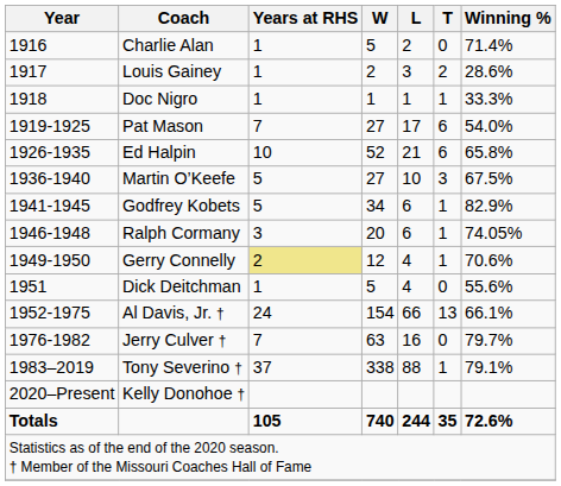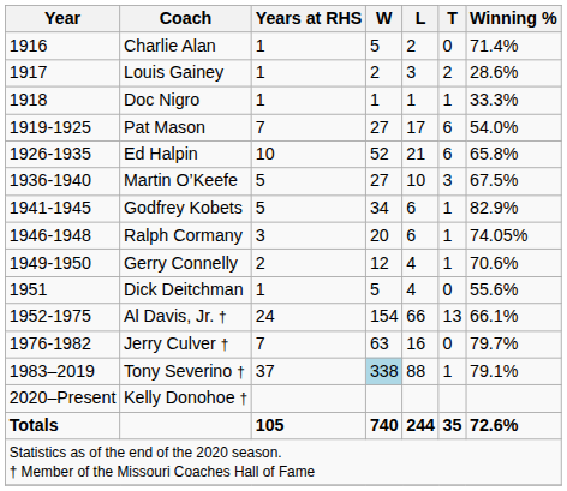 <table class="wikitable">
 <tr>
 <th>Year</th>
 <th>Coach</th>
 <th>Years at RHS</th>
 <th>W</th>
 <th>L</th>
 <th>T</th>
 <th>Winning %</th>
 </tr>
 <tr>
 <td>1916</td>
 <td>Charlie Alan</td>
 <td>1</td>
 <td>5</td>
 <td>2</td>
 <td>0</td>
 <td>71.4%</td>
 </tr>
 <tr>
 <td>1917</td>
 <td>Louis Gainey</td>
 <td>1</td>
 <td>2</td>
 <td>3</td>
 <td>2</td>
 <td>28.6%</td>
 </tr>
 <tr>
 <td>1918</td>
 <td>Doc Nigro</td>
 <td>1</td>
 <td>1</td>
 <td>1</td>
 <td>1</td>
 <td>33.3%</td>
 </tr>
 <tr>
 <td>1919-1925</td>
 <td>Pat Mason</td>
 <td>7</td>
 <td>27</td>
 <td>17</td>
 <td>6</td>
 <td>54.0%</td>
 </tr>
 <tr>
 <td>1926-1935</td>
 <td>Ed Halpin</td>
 <td>10</td>
 <td>52</td>
 <td>21</td>
 <td>6</td>
 <td>65.8%</td>
 </tr>
 <tr>
 <td>1936-1940</td>
 <td>Martin O’Keefe</td>
 <td>5</td>
 <td>27</td>
 <td>10</td>
 <td>3</td>
 <td>67.5%</td>
 </tr>
 <tr>
 <td>1941-1945</td>
 <td>Godfrey Kobets</td>
 <td>5</td>
 <td>34</td>
 <td>6</td>
 <td>1</td>
 <td>82.9%</td>
 </tr>
 <tr>
 <td>1946-1948</td>
 <td>Ralph Cormany</td>
 <td>3</td>
 <td>20</td>
 <td>6</td>
 <td>1</td>
 <td>74.05%</td>
 </tr>
 <tr>
 <td>1949-1950</td>
 <td>Gerry Connelly</td>
-<td style="background: khaki;">2</td>
+<td>2</td>
 <td>12</td>
 <td>4</td>
 <td>1</td>
 <td>70.6%</td>
 </tr>
 <tr>
 <td>1951</td>
 <td>Dick Deitchman</td>
 <td>1</td>
 <td>5</td>
 <td>4</td>
 <td>0</td>
 <td>55.6%</td>
 </tr>
 <tr>
 <td>1952-1975</td>
 <td>Al Davis, Jr. <small>†</small></td>
 <td>24</td>
 <td>154</td>
 <td>66</td>
 <td>13</td>
 <td>66.1%</td>
 </tr>
 <tr>
 <td>1976-1982</td>
 <td>Jerry Culver <small>†</small></td>
 <td>7</td>
 <td>63</td>
 <td>16</td>
 <td>0</td>
 <td>79.7%</td>
 </tr>
 <tr>
 <td>1983–2019</td>
 <td>Tony Severino <small>†</small></td>
 <td>37</td>
-<td>338</td>
+<td style="background: lightblue;">338</td>
 <td>88</td>
 <td>1</td>
 <td>79.1%</td>
 </tr>
 <tr>
 <td>2020–Present</td>
 <td>Kelly Donohoe <small>†</small></td>
 <td></td>
 <td></td>
 <td></td>
 <td></td>
 <td></td>
 </tr>
 <tr>
 <td><strong>Totals</strong></td>
 <td></td>
 <td><strong>105</strong></td>
 <td><strong>740</strong></td>
 <td><strong>244</strong></td>
 <td><strong>35</strong></td>
 <td><strong>72.6%</strong></td>
 </tr>
 <tr>
 <td align="left" colspan="7"><small>Statistics as of the end of the 2020 season.<br>† Member of the Missouri Coaches Hall of Fame</small></td>
 </tr>
 <tr>
 </tr>
 </table>
